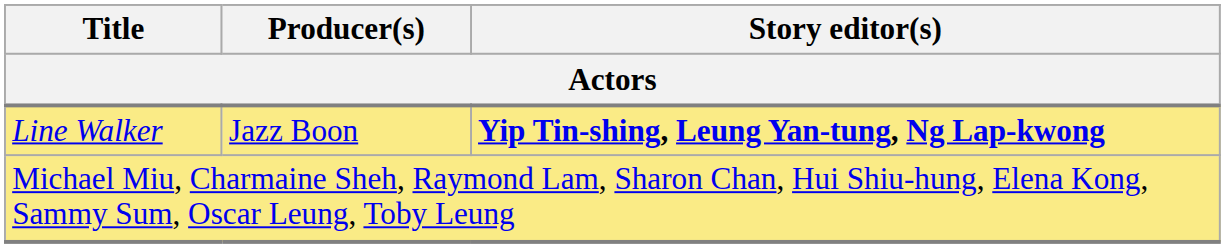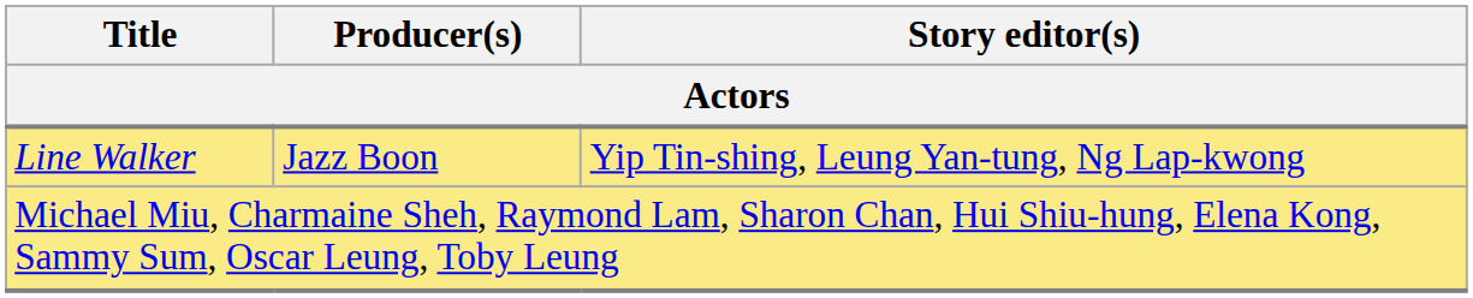 <table class="wikitable" border="1" width="100%">
 <tr style="background:#bebebe">
 <th>Title</th>
 <th>Producer(s)</th>
 <th>Story editor(s)</th>
 </tr>
 <tr style="background:#bebebe">
 <th colspan="3" style="border-bottom:2px solid grey">Actors</th>
 </tr>
 <tr style="background:#FAEB86">
 <td><em><a href='#'>Line Walker</a></em></td>
 <td><a href='#'>Jazz Boon</a></td>
-<td><strong><a href='#'>Yip Tin-shing</a>, <a href='#'>Leung Yan-tung</a>, <a href='#'>Ng Lap-kwong</a></strong></td>
+<td><a href='#'>Yip Tin-shing</a>, <a href='#'>Leung Yan-tung</a>, <a href='#'>Ng Lap-kwong</a></td>
 </tr>
 <tr style="background:#FAEB86">
 <td colspan="3" style="border-bottom:2px solid grey"><a href='#'>Michael Miu</a>, <a href='#'>Charmaine Sheh</a>, <a href='#'>Raymond Lam</a>, <a href='#'>Sharon Chan</a>, <a href='#'>Hui Shiu-hung</a>, <a href='#'>Elena Kong</a>, <a href='#'>Sammy Sum</a>, <a href='#'>Oscar Leung</a>, <a href='#'>Toby Leung</a></td>
 </tr>
 </table>
